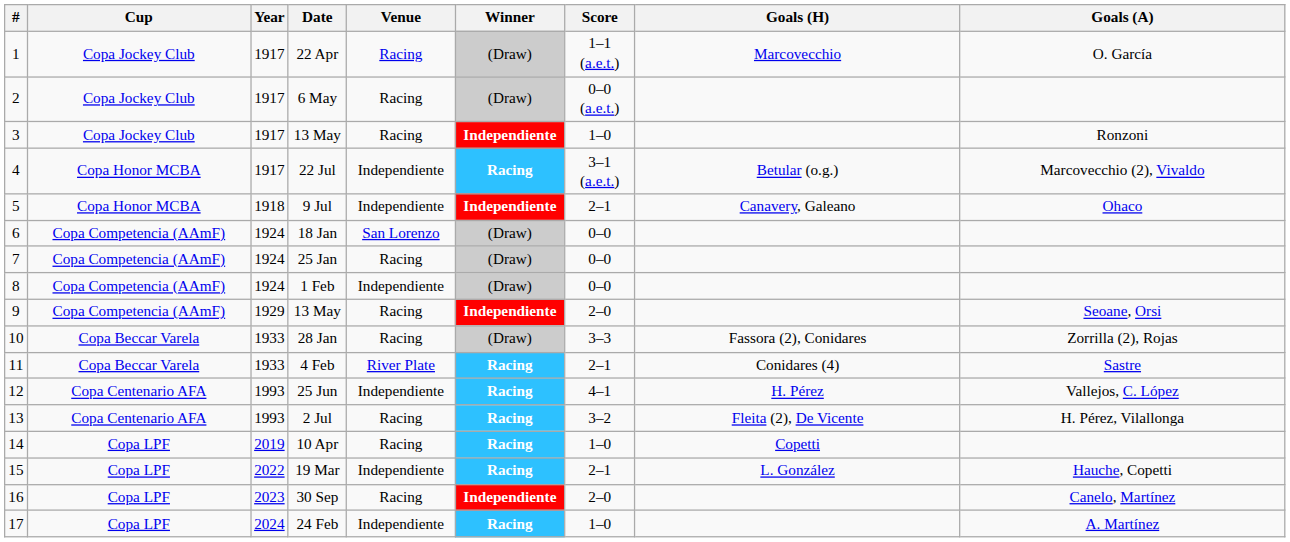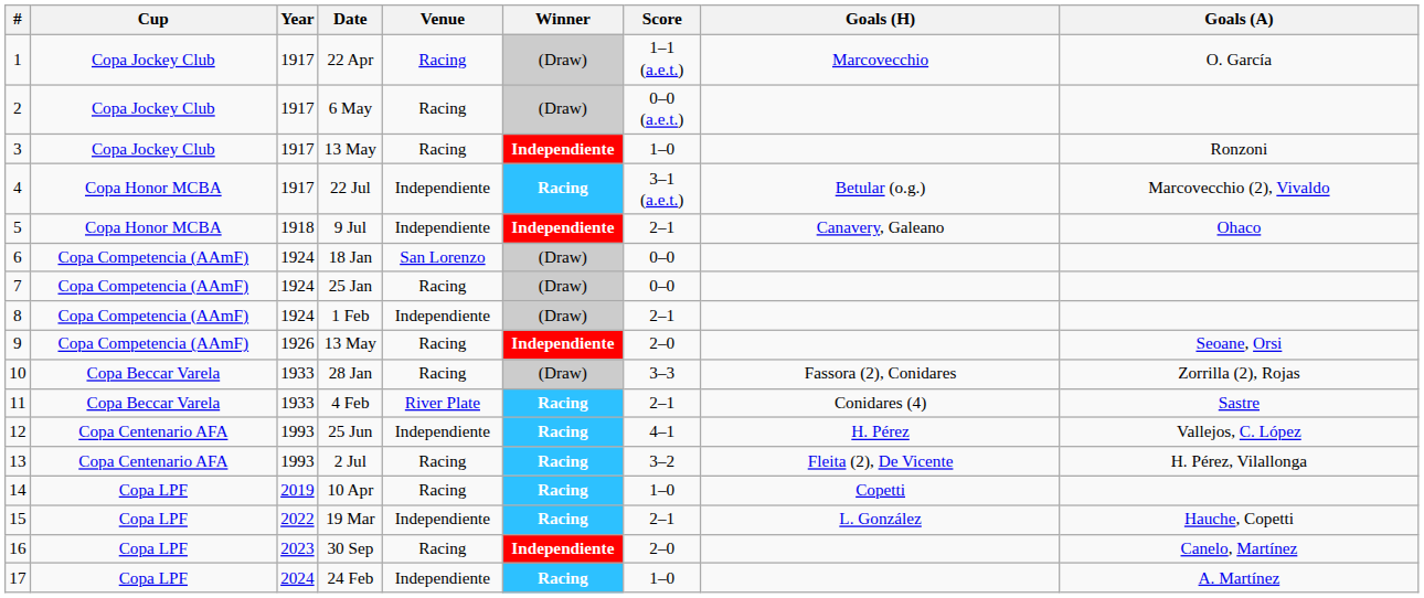 <table class="wikitable sortable collapsible collapsed" style="width: ; text-align:center; margin:0 left; font-size: 12px">
 <tr>
 <th>#</th>
 <th width=170px>Cup</th>
 <th>Year</th>
 <th width= 40px>Date</th>
 <th width= 80px>Venue</th>
 <th width= 80px>Winner</th>
 <th width= 50px>Score</th>
 <th width= 250px>Goals (H)</th>
 <th width= 250px>Goals (A)</th>
 </tr>
 <tr>
 <td>1</td>
 <td><a href='#'>Copa Jockey Club</a></td>
 <td>1917</td>
 <td>22 Apr</td>
 <td><a href='#'>Racing</a></td>
 <td style="color:#000000; background:#cccccc">(Draw)</td>
 <td>1–1 (<a href='#'>a.e.t.</a>)</td>
 <td><a href='#'>Marcovecchio</a></td>
 <td>O. García</td>
 </tr>
 <tr>
 <td>2</td>
 <td><a href='#'>Copa Jockey Club</a></td>
 <td>1917</td>
 <td>6 May</td>
 <td>Racing</td>
 <td style="color:#000000; background:#cccccc">(Draw)</td>
 <td>0–0 (<a href='#'>a.e.t.</a>)</td>
 <td></td>
 <td></td>
 </tr>
 <tr>
 <td>3</td>
 <td><a href='#'>Copa Jockey Club</a></td>
 <td>1917</td>
 <td>13 May</td>
 <td>Racing</td>
 <td style="color:white; background:red"><strong>Independiente</strong></td>
 <td>1–0</td>
 <td></td>
 <td>Ronzoni</td>
 </tr>
 <tr>
 <td>4</td>
 <td><a href='#'>Copa Honor MCBA</a></td>
 <td>1917</td>
 <td>22 Jul</td>
 <td>Independiente</td>
 <td style="color:white; background:#2DC1FF"><strong>Racing</strong></td>
 <td>3–1 (<a href='#'>a.e.t.</a>)</td>
 <td><a href='#'>Betular</a> (o.g.)</td>
 <td>Marcovecchio (2), <a href='#'>Vivaldo</a></td>
 </tr>
 <tr>
 <td>5</td>
 <td><a href='#'>Copa Honor MCBA</a></td>
 <td>1918</td>
 <td>9 Jul</td>
 <td>Independiente</td>
 <td style="color:white; background:red"><strong>Independiente</strong></td>
 <td>2–1</td>
 <td><a href='#'>Canavery</a>, Galeano</td>
 <td><a href='#'>Ohaco</a></td>
 </tr>
 <tr>
 <td>6</td>
 <td><a href='#'>Copa Competencia (AAmF)</a></td>
 <td>1924</td>
 <td>18 Jan</td>
 <td><a href='#'>San Lorenzo</a></td>
 <td style="color:#000000; background:#cccccc">(Draw)</td>
 <td>0–0</td>
 <td></td>
 <td></td>
 </tr>
 <tr>
 <td>7</td>
 <td><a href='#'>Copa Competencia (AAmF)</a></td>
 <td>1924</td>
 <td>25 Jan</td>
 <td>Racing</td>
 <td style="color:#000000; background:#cccccc">(Draw)</td>
 <td>0–0</td>
 <td></td>
 <td></td>
 </tr>
 <tr>
 <td>8</td>
 <td><a href='#'>Copa Competencia (AAmF)</a></td>
 <td>1924</td>
 <td>1 Feb</td>
 <td>Independiente</td>
 <td style="color:#000000; background:#cccccc">(Draw)</td>
-<td>0–0</td>
+<td>2–1</td>
 <td></td>
 <td></td>
 </tr>
 <tr>
 <td>9</td>
 <td><a href='#'>Copa Competencia (AAmF)</a></td>
-<td>1929</td>
+<td>1926</td>
 <td>13 May</td>
 <td>Racing</td>
 <td style="color:#ffffff; background:#ff0000"><strong>Independiente</strong></td>
 <td>2–0</td>
 <td></td>
 <td><a href='#'>Seoane</a>, <a href='#'>Orsi</a></td>
 </tr>
 <tr>
 <td>10</td>
 <td><a href='#'>Copa Beccar Varela</a></td>
 <td>1933</td>
 <td>28 Jan</td>
 <td>Racing</td>
 <td style="color:#000000; background:#cccccc">(Draw)</td>
 <td>3–3</td>
 <td>Fassora (2), Conidares</td>
 <td>Zorrilla (2), Rojas</td>
 </tr>
 <tr>
 <td>11</td>
 <td><a href='#'>Copa Beccar Varela</a></td>
 <td>1933</td>
 <td>4 Feb</td>
 <td><a href='#'>River Plate</a></td>
 <td style="color:white; background:#2DC1FF"><strong>Racing</strong></td>
 <td>2–1</td>
 <td>Conidares (4)</td>
 <td><a href='#'>Sastre</a></td>
 </tr>
 <tr>
 <td>12</td>
 <td><a href='#'>Copa Centenario AFA</a></td>
 <td>1993</td>
 <td>25 Jun</td>
 <td>Independiente</td>
 <td style="color:white; background:#2DC1FF"><strong>Racing</strong></td>
 <td>4–1</td>
 <td><a href='#'>H. Pérez</a></td>
 <td>Vallejos, <a href='#'>C. López</a></td>
 </tr>
 <tr>
 <td>13</td>
 <td><a href='#'>Copa Centenario AFA</a></td>
 <td>1993</td>
 <td>2 Jul</td>
 <td>Racing</td>
 <td style="color:white; background:#2DC1FF"><strong>Racing</strong></td>
 <td>3–2</td>
 <td><a href='#'>Fleita</a> (2), <a href='#'>De Vicente</a></td>
 <td>H. Pérez, Vilallonga</td>
 </tr>
 <tr>
 <td>14</td>
 <td><a href='#'>Copa LPF</a></td>
 <td><a href='#'>2019</a></td>
 <td>10 Apr</td>
 <td>Racing</td>
 <td style="color:white; background:#2DC1FF"><strong>Racing</strong></td>
 <td>1–0</td>
 <td><a href='#'>Copetti</a></td>
 <td></td>
 </tr>
 <tr>
 <td>15</td>
 <td><a href='#'>Copa LPF</a></td>
 <td><a href='#'>2022</a></td>
 <td>19 Mar</td>
 <td>Independiente</td>
 <td style="color:white; background:#2DC1FF"><strong>Racing</strong></td>
 <td>2–1</td>
 <td><a href='#'>L. González</a></td>
 <td><a href='#'>Hauche</a>, Copetti</td>
 </tr>
 <tr>
 <td>16</td>
 <td><a href='#'>Copa LPF</a></td>
 <td><a href='#'>2023</a></td>
 <td>30 Sep</td>
 <td>Racing</td>
 <td style="color:#ffffff; background:#ff0000"><strong>Independiente</strong></td>
 <td>2–0</td>
 <td></td>
 <td><a href='#'>Canelo</a>, <a href='#'>Martínez</a></td>
 </tr>
 <tr>
 <td>17</td>
 <td><a href='#'>Copa LPF</a></td>
 <td><a href='#'>2024</a></td>
 <td>24 Feb</td>
 <td>Independiente</td>
 <td style="color:white; background:#2DC1FF"><strong>Racing</strong></td>
 <td>1–0</td>
 <td></td>
 <td><a href='#'>A. Martínez</a></td>
 </tr>
 </table>
